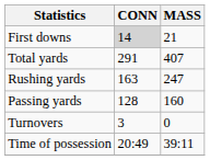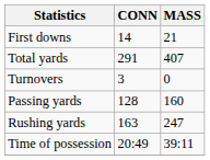 <table class="wikitable">
 <tr>
 <th>Statistics</th>
 <th>CONN</th>
 <th>MASS</th>
 </tr>
 <tr>
 <td>First downs</td>
-<td style="background: lightgrey;">14</td>
+<td>14</td>
 <td>21</td>
 </tr>
 <tr>
 <td>Total yards</td>
 <td>291</td>
 <td>407</td>
 </tr>
 <tr>
-<td>Rushing yards</td>
-<td>163</td>
-<td>247</td>
+<td>Turnovers</td>
+<td>3</td>
+<td>0</td>
 </tr>
 <tr>
 <td>Passing yards</td>
 <td>128</td>
 <td>160</td>
 </tr>
 <tr>
-<td>Turnovers</td>
-<td>3</td>
-<td>0</td>
+<td>Rushing yards</td>
+<td>163</td>
+<td>247</td>
 </tr>
 <tr>
 <td>Time of possession</td>
 <td>20:49</td>
 <td>39:11</td>
 </tr>
 <tr>
 </tr>
 </table>
